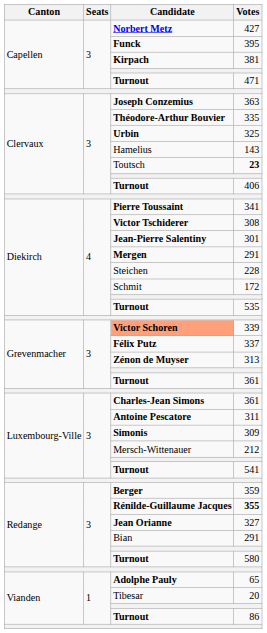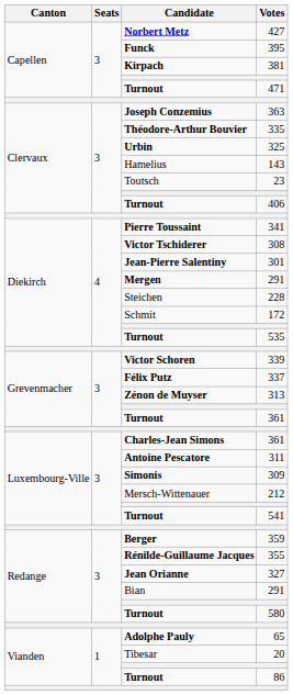 <table class="wikitable">
 <tr>
 <th>Canton</th>
 <th>Seats</th>
 <th>Candidate</th>
 <th>Votes</th>
 </tr>
 <tr>
 <td rowspan="5">Capellen</td>
 <td rowspan="5">3</td>
 <td><strong><a href='#'>Norbert Metz</a></strong></td>
 <td align="right">427</td>
 </tr>
 <tr>
 <td><strong>Funck</strong></td>
 <td align="right">395</td>
 </tr>
 <tr>
 <td><strong>Kirpach</strong></td>
 <td align="right">381</td>
 </tr>
 <tr>
 <th colspan="2"></th>
 </tr>
 <tr>
 <td><strong>Turnout</strong></td>
 <td align="right">471</td>
 </tr>
 <tr>
 <th colspan="4"></th>
 </tr>
 <tr>
 <td rowspan="7">Clervaux</td>
 <td rowspan="7" align="left">3</td>
 <td><strong>Joseph Conzemius</strong></td>
 <td align="right">363</td>
 </tr>
 <tr>
 <td><strong>Théodore-Arthur Bouvier</strong></td>
 <td align="right">335</td>
 </tr>
 <tr>
 <td><strong>Urbin</strong></td>
 <td align="right">325</td>
 </tr>
 <tr>
 <td>Hamelius</td>
 <td align="right">143</td>
 </tr>
 <tr>
 <td>Toutsch</td>
-<td align="right"><strong>23</strong></td>
+<td align="right">23</td>
 </tr>
 <tr>
 <th colspan="2"></th>
 </tr>
 <tr>
 <td><strong>Turnout</strong></td>
 <td align="right">406</td>
 </tr>
 <tr>
 <th colspan="4"></th>
 </tr>
 <tr>
 <td rowspan="8">Diekirch</td>
 <td rowspan="8" align="left">4</td>
 <td><strong>Pierre Toussaint</strong></td>
 <td align="right">341</td>
 </tr>
 <tr>
 <td><strong>Victor Tschiderer</strong></td>
 <td align="right">308</td>
 </tr>
 <tr>
 <td><strong>Jean-Pierre Salentiny</strong></td>
 <td align="right">301</td>
 </tr>
 <tr>
 <td><strong>Mergen</strong></td>
 <td align="right">291</td>
 </tr>
 <tr>
 <td>Steichen</td>
 <td align="right">228</td>
 </tr>
 <tr>
 <td>Schmit</td>
 <td align="right">172</td>
 </tr>
 <tr>
 <th colspan="2"></th>
 </tr>
 <tr>
 <td><strong>Turnout</strong></td>
 <td align="right">535</td>
 </tr>
 <tr>
 <th colspan="4"></th>
 </tr>
 <tr>
 <td rowspan="5">Grevenmacher</td>
 <td rowspan="5">3</td>
-<td style="background: lightsalmon;"><strong>Victor Schoren</strong></td>
+<td><strong>Victor Schoren</strong></td>
 <td align="right">339</td>
 </tr>
 <tr>
 <td><strong>Félix Putz</strong></td>
 <td align="right">337</td>
 </tr>
 <tr>
 <td><strong>Zénon de Muyser</strong></td>
 <td align="right">313</td>
 </tr>
 <tr>
 <th colspan="2"></th>
 </tr>
 <tr>
 <td><strong>Turnout</strong></td>
 <td align="right">361</td>
 </tr>
 <tr>
 <th colspan="4"></th>
 </tr>
 <tr>
 <td rowspan="6">Luxembourg-Ville</td>
 <td rowspan="6" align="left">3</td>
 <td><strong>Charles-Jean Simons</strong></td>
 <td align="right">361</td>
 </tr>
 <tr>
 <td><strong>Antoine Pescatore</strong></td>
 <td align="right">311</td>
 </tr>
 <tr>
 <td><strong>Simonis</strong></td>
 <td align="right">309</td>
 </tr>
 <tr>
 <td>Mersch-Wittenauer</td>
 <td align="right">212</td>
 </tr>
 <tr>
 <th colspan="2"></th>
 </tr>
 <tr>
 <td><strong>Turnout</strong></td>
 <td align="right">541</td>
 </tr>
 <tr>
 <th colspan="4"></th>
 </tr>
 <tr>
 <td rowspan="6">Redange</td>
 <td rowspan="6">3</td>
 <td><strong>Berger</strong></td>
 <td align="right">359</td>
 </tr>
 <tr>
 <td><strong>Rénilde-Guillaume Jacques</strong></td>
-<td align="right"><strong>355</strong></td>
+<td align="right">355</td>
 </tr>
 <tr>
 <td><strong>Jean Orianne</strong></td>
 <td align="right">327</td>
 </tr>
 <tr>
 <td>Bian</td>
 <td align="right">291</td>
 </tr>
 <tr>
 <th colspan="2"></th>
 </tr>
 <tr>
 <td><strong>Turnout</strong></td>
 <td align="right">580</td>
 </tr>
 <tr>
 <th colspan="4"></th>
 </tr>
 <tr>
 <td rowspan="4">Vianden</td>
 <td rowspan="4" align="left">1</td>
 <td><strong>Adolphe Pauly</strong></td>
 <td align="right">65</td>
 </tr>
 <tr>
 <td>Tibesar</td>
 <td align="right">20</td>
 </tr>
 <tr>
 <th colspan="2"></th>
 </tr>
 <tr>
 <td><strong>Turnout</strong></td>
 <td align="right">86</td>
 </tr>
 <tr>
 <th colspan="4"></th>
 </tr>
 </table>
